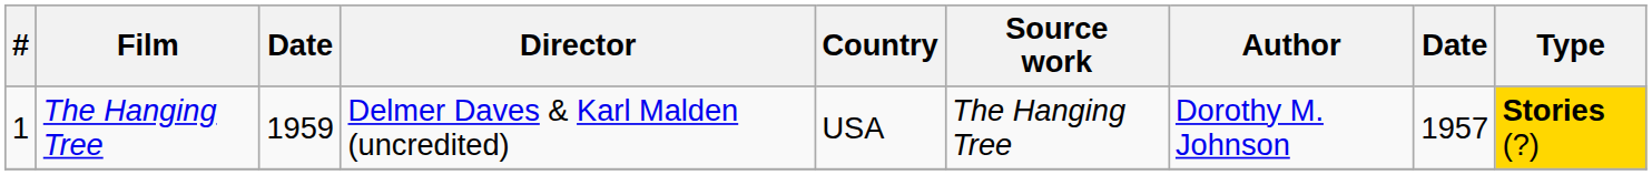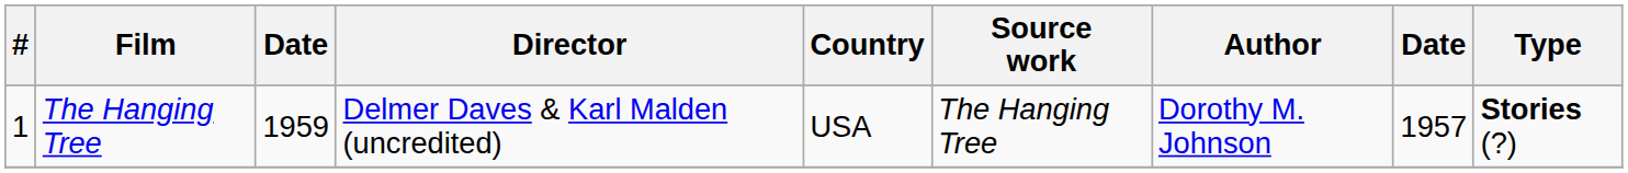 <table class="wikitable">
 <tr>
 <th>#</th>
 <th>Film</th>
 <th>Date</th>
 <th>Director</th>
 <th>Country</th>
 <th>Source<br>work</th>
 <th>Author</th>
 <th>Date</th>
 <th>Type</th>
 </tr>
 <tr>
 <td>1</td>
 <td><em><a href='#'>The Hanging Tree</a></em></td>
 <td>1959</td>
 <td><a href='#'>Delmer Daves</a> & <a href='#'>Karl Malden</a> (uncredited)</td>
 <td>USA</td>
 <td><em>The Hanging Tree</em></td>
 <td><a href='#'>Dorothy M. Johnson</a></td>
 <td>1957</td>
-<td style="background: gold;"><strong>Stories</strong> (?)</td>
+<td><strong>Stories</strong> (?)</td>
 </tr>
 <tr>
 </tr>
 </table>
